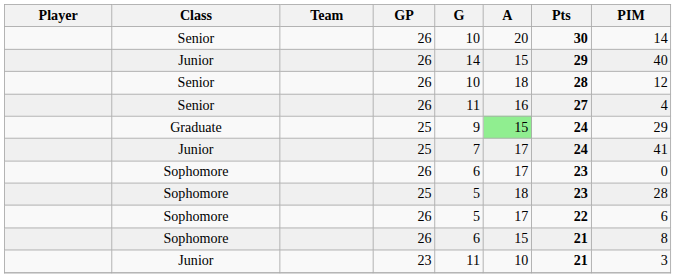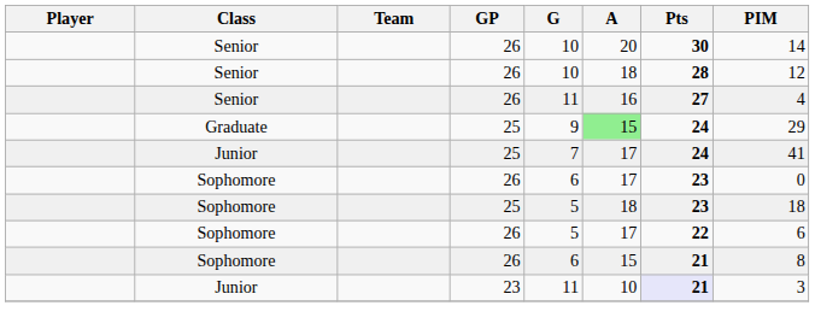 <table class="wikitable sortable" style="text-align: center; "width=60%">
 <tr>
 <th>Player</th>
 <th>Class</th>
 <th>Team</th>
 <th>GP</th>
 <th>G</th>
 <th>A</th>
 <th>Pts</th>
 <th>PIM</th>
 </tr>
 <tr>
 <td style="text-align: left"></td>
 <td>Senior</td>
 <td><strong><a href='#'></a></strong></td>
 <td style="text-align: right">26</td>
 <td style="text-align: right">10</td>
 <td style="text-align: right">20</td>
 <td style="text-align: right"><strong>30</strong></td>
 <td style="text-align: right">14</td>
-</tr>
-<tr bgcolor=f0f0f0>
-<td style="text-align: left"></td>
-<td>Junior</td>
-<td><strong><a href='#'></a></strong></td>
-<td style="text-align: right">26</td>
-<td style="text-align: right">14</td>
-<td style="text-align: right">15</td>
-<td style="text-align: right"><strong>29</strong></td>
-<td style="text-align: right">40</td>
 </tr>
 <tr>
 <td style="text-align: left"></td>
 <td>Senior</td>
 <td><strong><a href='#'></a></strong></td>
 <td style="text-align: right">26</td>
 <td style="text-align: right">10</td>
 <td style="text-align: right">18</td>
 <td style="text-align: right"><strong>28</strong></td>
 <td style="text-align: right">12</td>
 </tr>
 <tr bgcolor=f0f0f0>
 <td style="text-align: left"></td>
 <td>Senior</td>
 <td><strong><a href='#'></a></strong></td>
 <td style="text-align: right">26</td>
 <td style="text-align: right">11</td>
 <td style="text-align: right">16</td>
 <td style="text-align: right"><strong>27</strong></td>
 <td style="text-align: right">4</td>
 </tr>
 <tr>
 <td style="text-align: left"></td>
 <td>Graduate</td>
 <td><strong><a href='#'></a></strong></td>
 <td style="text-align: right">25</td>
 <td style="text-align: right">9</td>
 <td style="background: lightgreen; text-align: right">15</td>
 <td style="text-align: right"><strong>24</strong></td>
 <td style="text-align: right">29</td>
 </tr>
 <tr bgcolor=f0f0f0>
 <td style="text-align: left"></td>
 <td>Junior</td>
 <td><strong><a href='#'></a></strong></td>
 <td style="text-align: right">25</td>
 <td style="text-align: right">7</td>
 <td style="text-align: right">17</td>
 <td style="text-align: right"><strong>24</strong></td>
 <td style="text-align: right">41</td>
 </tr>
 <tr>
 <td style="text-align: left"></td>
 <td>Sophomore</td>
 <td><strong><a href='#'></a></strong></td>
 <td style="text-align: right">26</td>
 <td style="text-align: right">6</td>
 <td style="text-align: right">17</td>
 <td style="text-align: right"><strong>23</strong></td>
 <td style="text-align: right">0</td>
 </tr>
 <tr bgcolor=f0f0f0>
 <td style="text-align: left"></td>
 <td>Sophomore</td>
 <td><strong><a href='#'></a></strong></td>
 <td style="text-align: right">25</td>
 <td style="text-align: right">5</td>
 <td style="text-align: right">18</td>
 <td style="text-align: right"><strong>23</strong></td>
-<td style="text-align: right">28</td>
+<td style="text-align: right">18</td>
 </tr>
 <tr>
 <td style="text-align: left"></td>
 <td>Sophomore</td>
 <td><strong><a href='#'></a></strong></td>
 <td style="text-align: right">26</td>
 <td style="text-align: right">5</td>
 <td style="text-align: right">17</td>
 <td style="text-align: right"><strong>22</strong></td>
 <td style="text-align: right">6</td>
 </tr>
 <tr bgcolor=f0f0f0>
 <td style="text-align: left"></td>
 <td>Sophomore</td>
 <td><strong><a href='#'></a></strong></td>
 <td style="text-align: right">26</td>
 <td style="text-align: right">6</td>
 <td style="text-align: right">15</td>
 <td style="text-align: right"><strong>21</strong></td>
 <td style="text-align: right">8</td>
 </tr>
 <tr>
 <td style="text-align: left"></td>
 <td>Junior</td>
 <td><strong><a href='#'></a></strong></td>
 <td style="text-align: right">23</td>
 <td style="text-align: right">11</td>
 <td style="text-align: right">10</td>
-<td style="text-align: right"><strong>21</strong></td>
+<td style="background: lavender; text-align: right"><strong>21</strong></td>
 <td style="text-align: right">3</td>
 </tr>
 <tr>
 </tr>
 </table>
